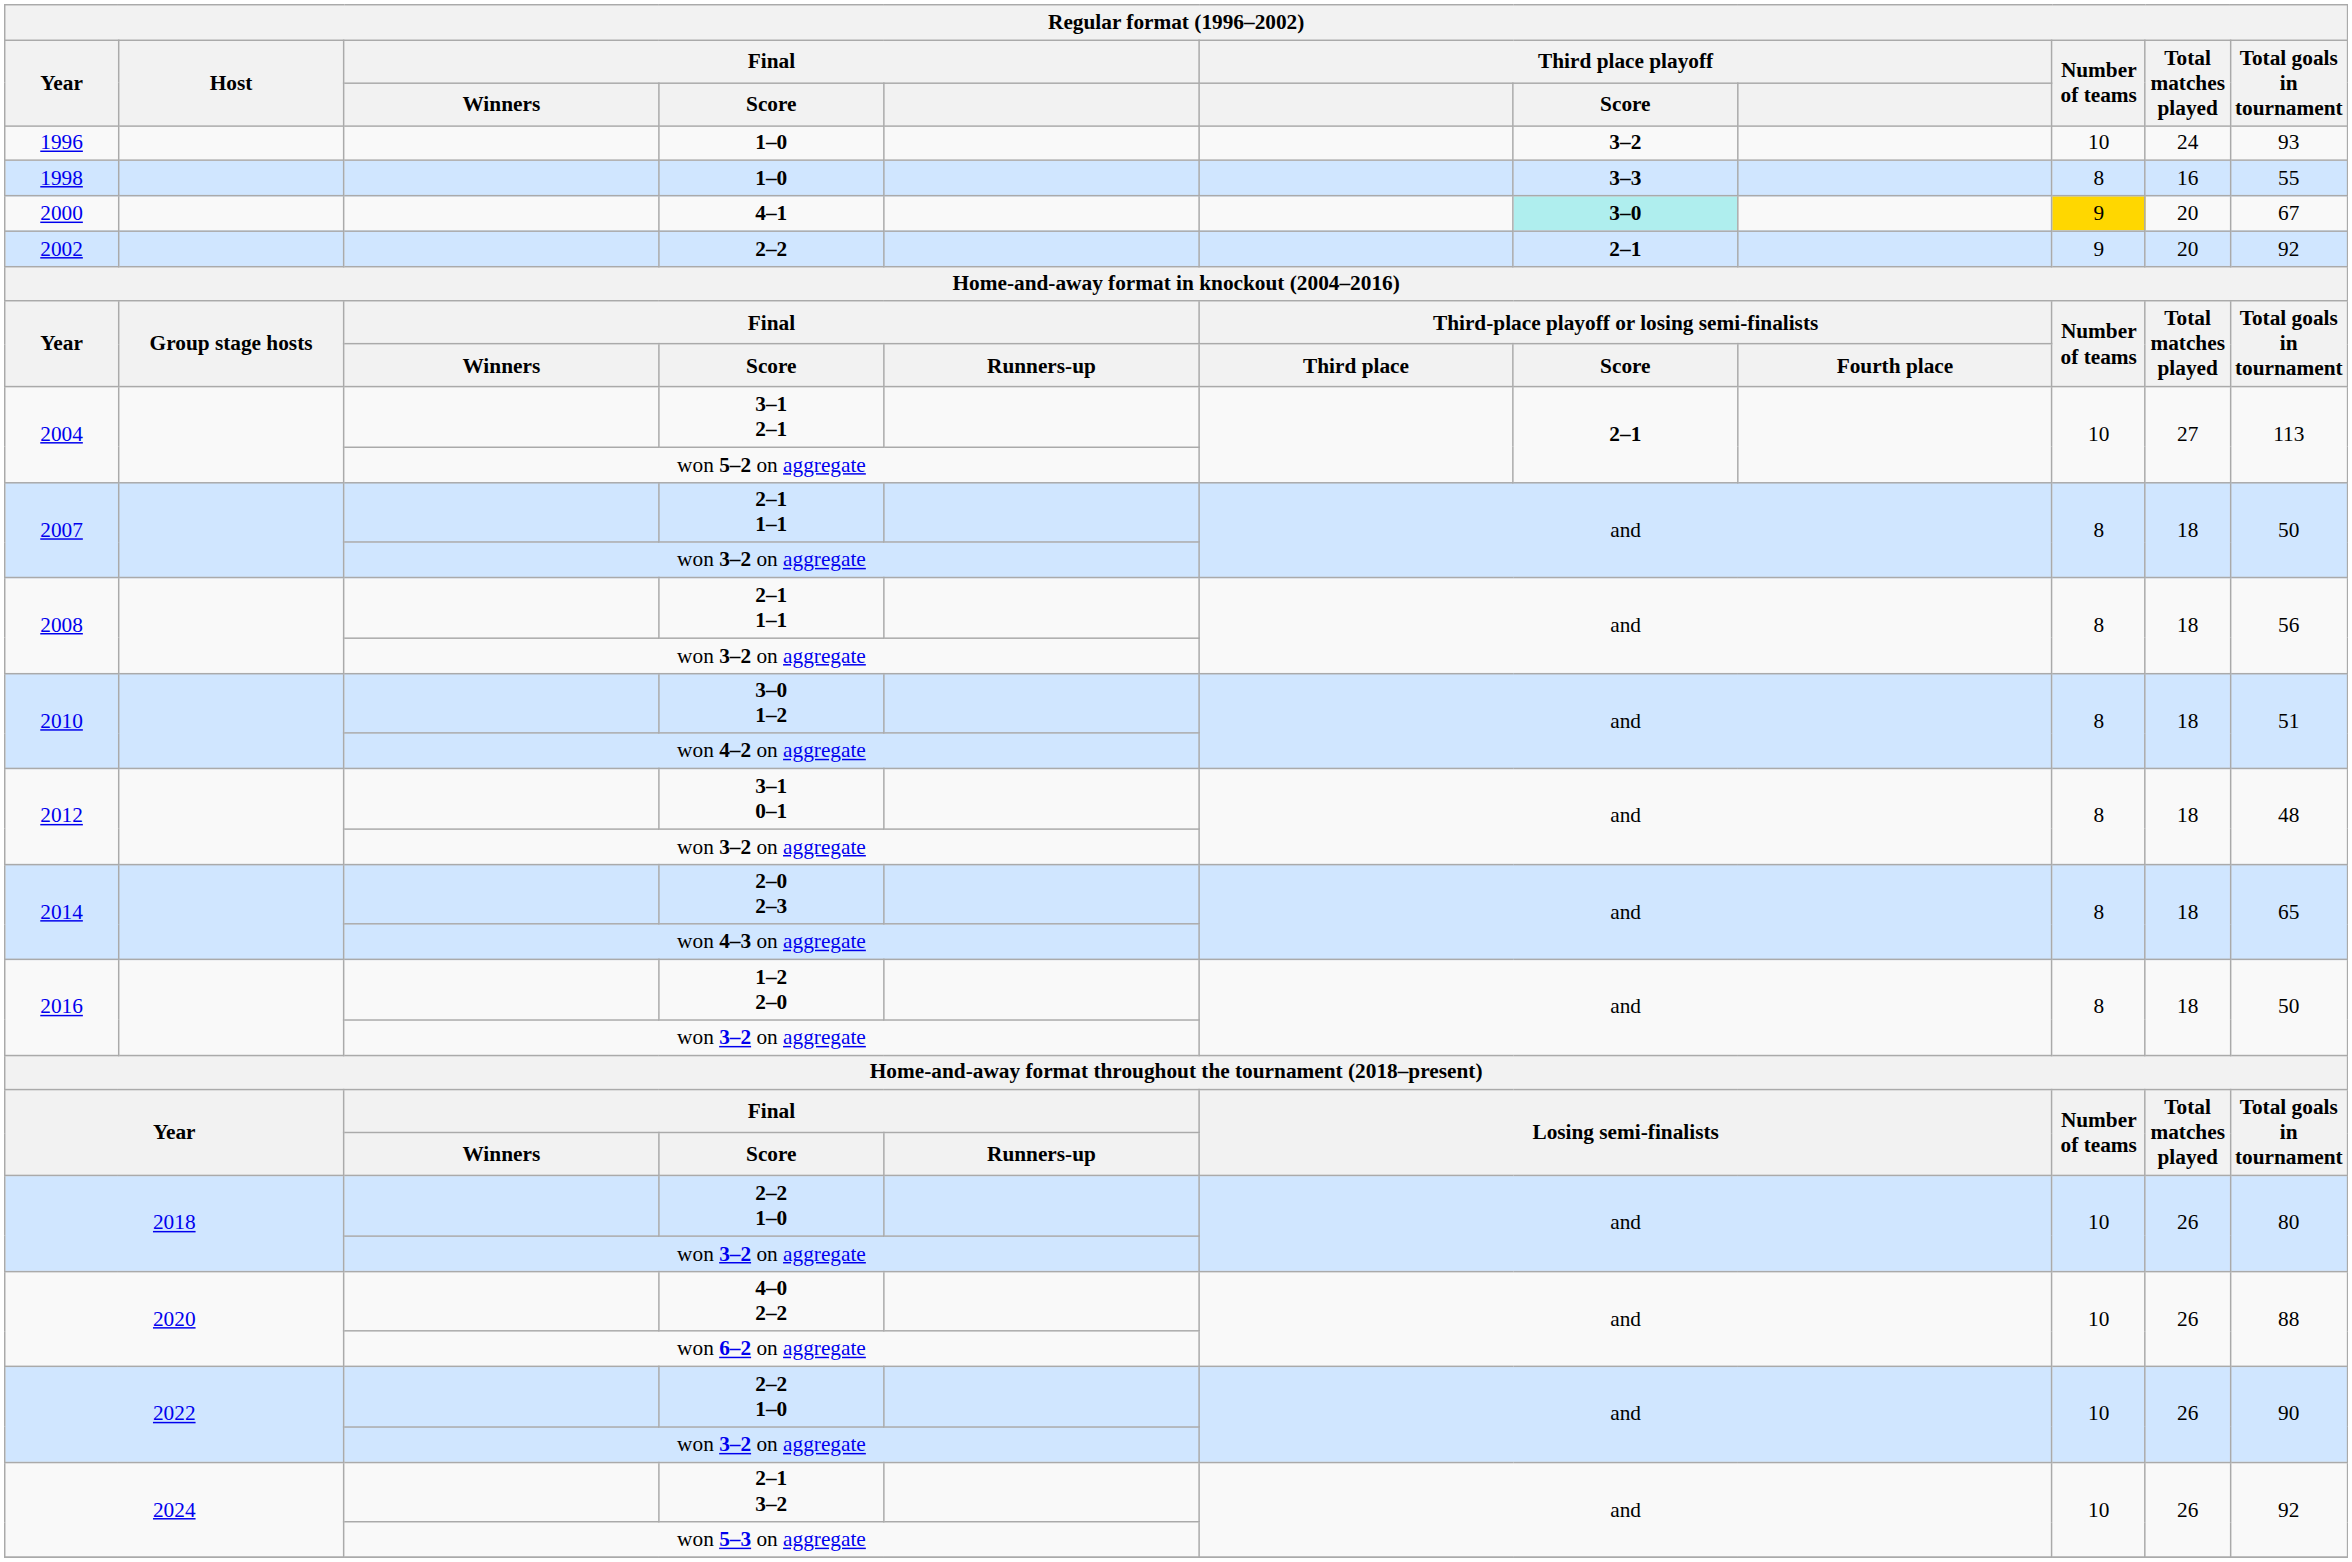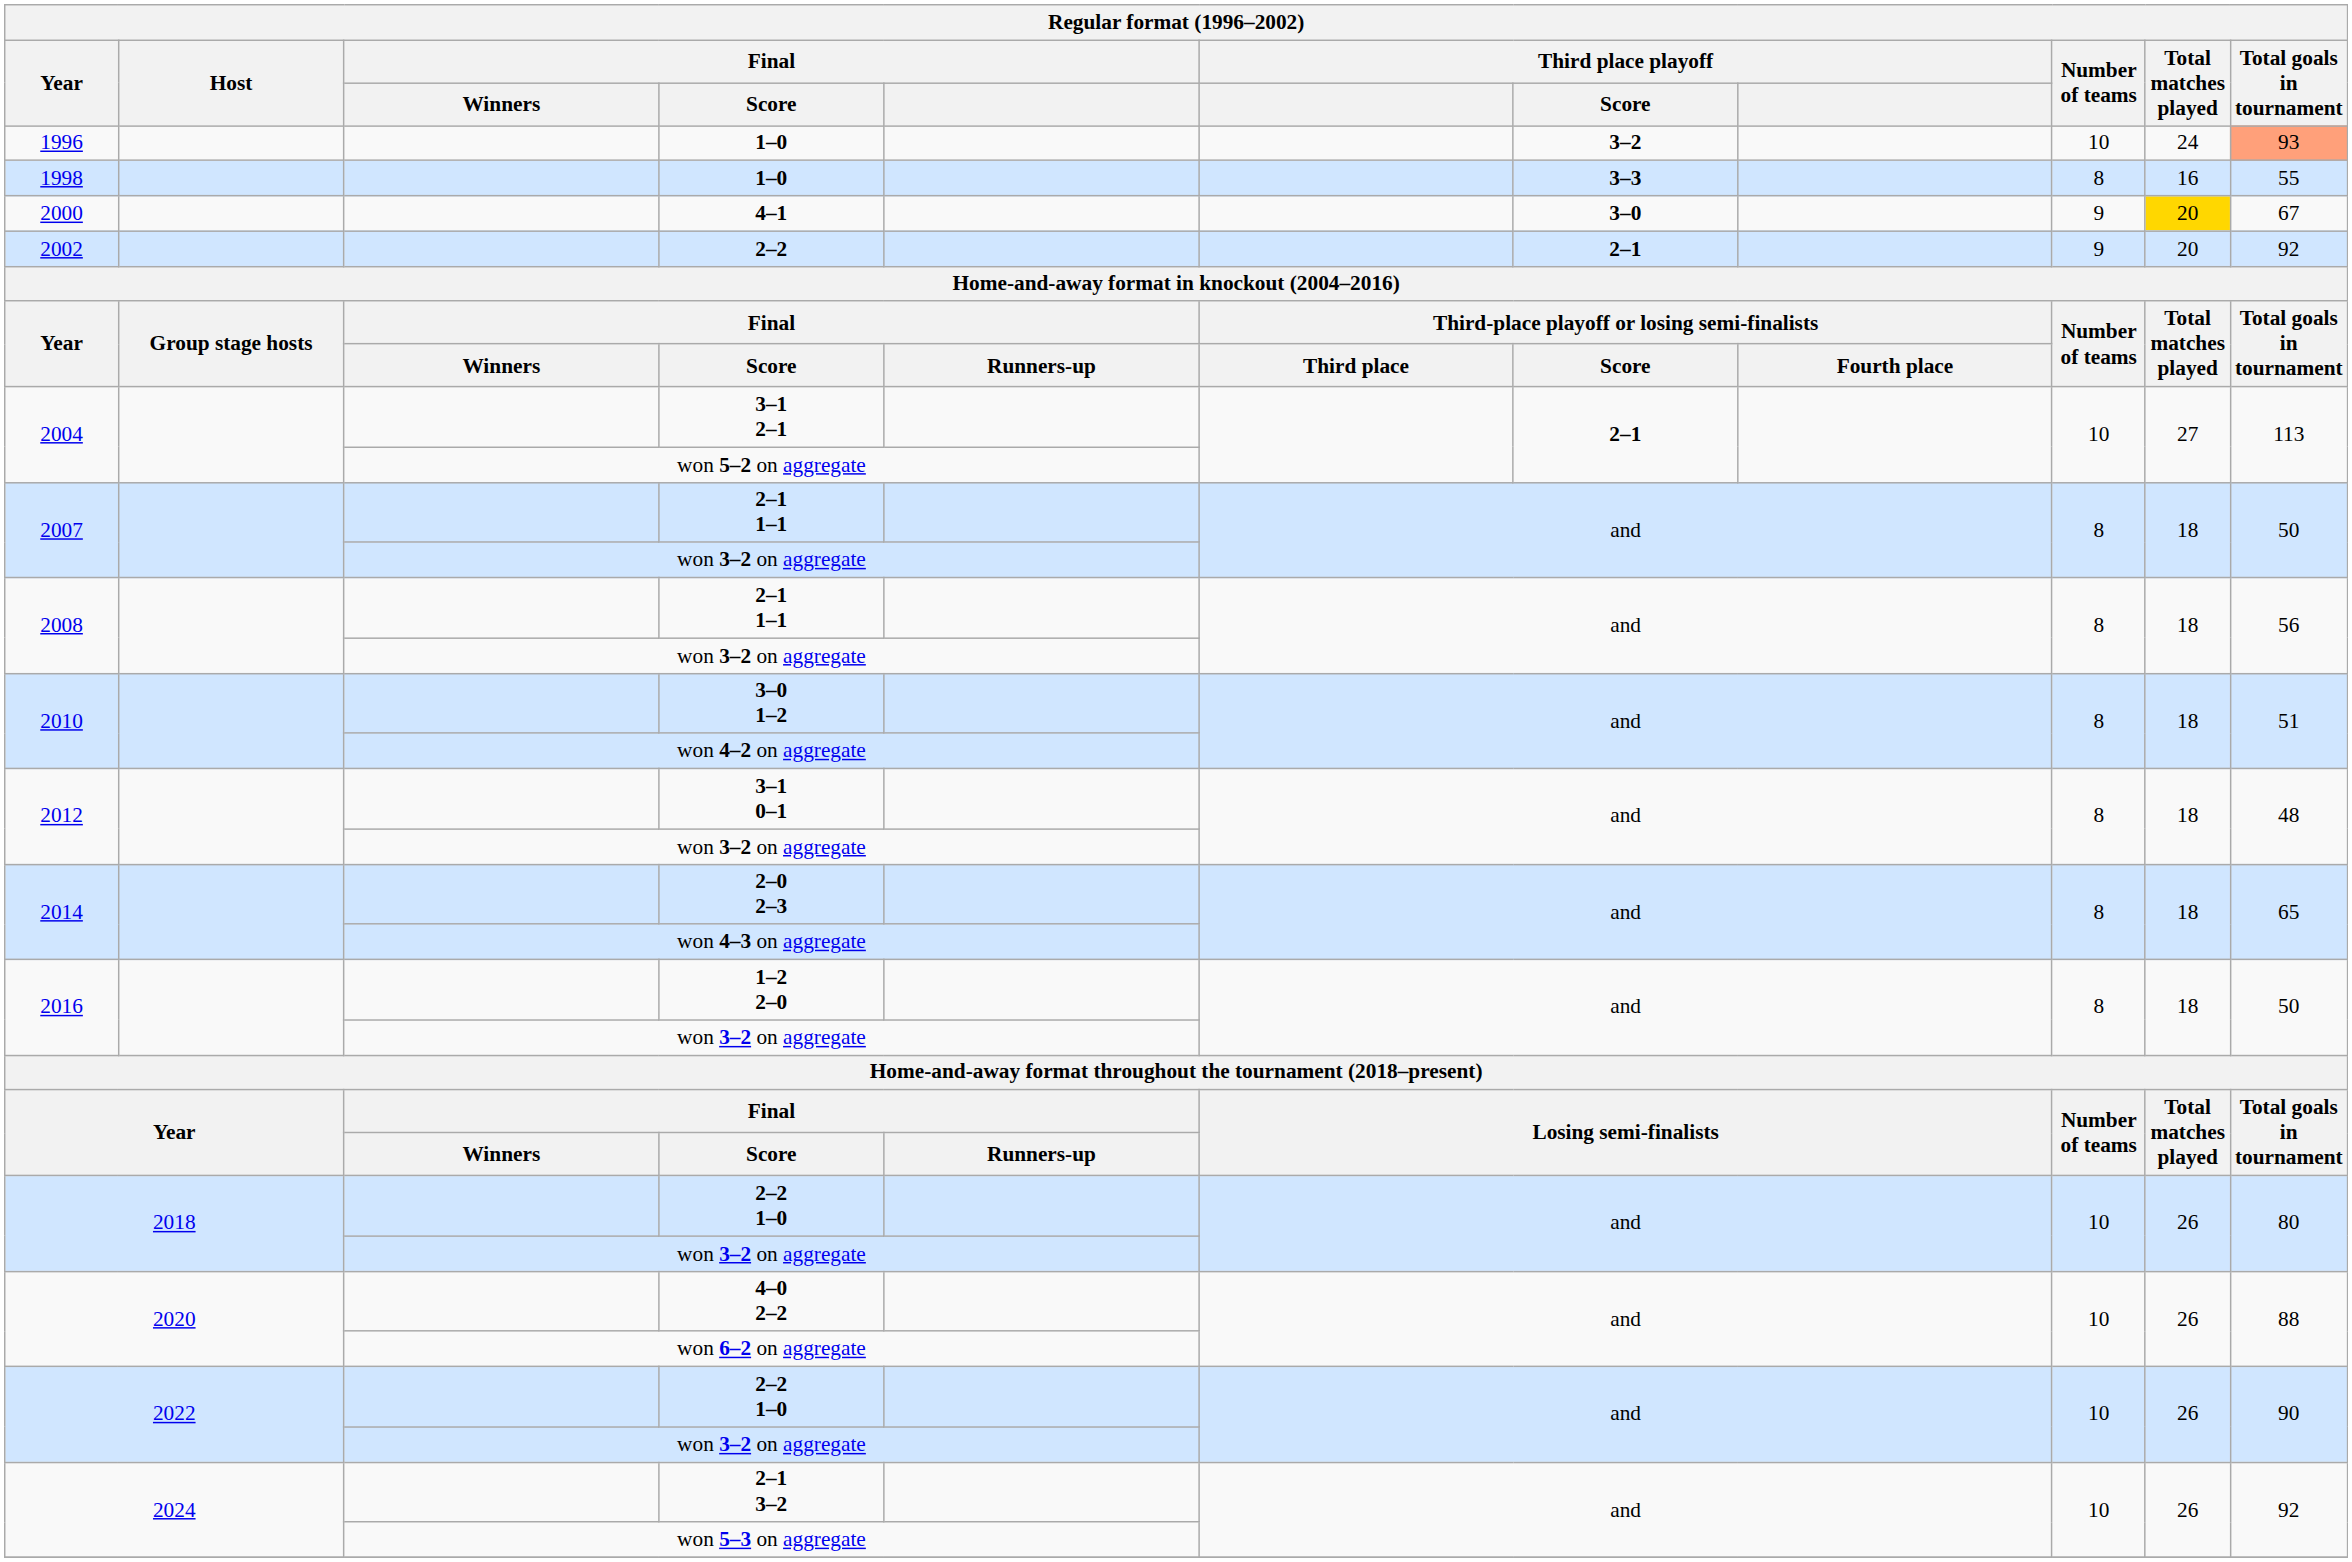 <table class="wikitable" style="font-size: 90%; text-align: center; width: 100%;">
 <tr>
 <th colspan="11">Regular format (1996–2002)</th>
 </tr>
 <tr>
 <th rowspan="2" width="5%">Year</th>
 <th rowspan="2" width="10%">Host</th>
 <th colspan="3">Final</th>
 <th colspan="3">Third place playoff</th>
 <th rowspan="2" width="4%">Number of teams</th>
 <th rowspan="2">Total matches played</th>
 <th rowspan="2">Total goals in tournament</th>
 </tr>
 <tr>
 <th width="14%">Winners</th>
 <th width="10%">Score</th>
 <th width="14%"></th>
 <th width="14%"></th>
 <th width="10%">Score</th>
 <th width="14%"></th>
 </tr>
 <tr>
 <td><a href='#'>1996</a></td>
 <td align="left"></td>
 <td><strong></strong></td>
 <td><strong>1–0</strong></td>
 <td></td>
 <td></td>
 <td><strong>3–2</strong></td>
 <td></td>
 <td>10</td>
 <td>24</td>
-<td>93</td>
+<td style="background: lightsalmon;">93</td>
 </tr>
 <tr style="background:#D0E6FF;">
 <td><a href='#'>1998</a></td>
 <td align="left"></td>
 <td><strong></strong></td>
 <td><strong>1–0</strong></td>
 <td></td>
 <td></td>
 <td><strong>3–3</strong> <br><strong></strong></td>
 <td></td>
 <td>8</td>
 <td>16</td>
 <td>55</td>
 </tr>
 <tr>
 <td><a href='#'>2000</a></td>
 <td align="left"></td>
 <td><strong></strong></td>
 <td><strong>4–1</strong></td>
 <td></td>
 <td></td>
-<td style="background: paleturquoise;"><strong>3–0</strong></td>
+<td><strong>3–0</strong></td>
 <td></td>
-<td style="background: gold;">9</td>
-<td>20</td>
+<td>9</td>
+<td style="background: gold;">20</td>
 <td>67</td>
 </tr>
 <tr style="background:#D0E6FF;">
 <td rowspan="1"><a href='#'>2002</a></td>
 <td rowspan="1" align="left"><br></td>
 <td><strong></strong></td>
 <td><strong>2–2</strong> <br><strong></strong></td>
 <td></td>
 <td></td>
 <td><strong>2–1</strong></td>
 <td></td>
 <td>9</td>
 <td>20</td>
 <td>92</td>
 </tr>
 <tr>
 <th colspan="11">Home-and-away format in knockout (2004–2016)</th>
 </tr>
 <tr>
 <th rowspan="2" width="5%">Year</th>
 <th rowspan="2" width="10%">Group stage hosts</th>
 <th colspan="3">Final</th>
 <th colspan="3">Third-place playoff or losing semi-finalists</th>
 <th rowspan="2" width="4%">Number of teams</th>
 <th rowspan="2">Total matches played</th>
 <th rowspan="2">Total goals in tournament</th>
 </tr>
 <tr>
 <th width="14%">Winners</th>
 <th width="10%">Score</th>
 <th width="14%">Runners-up</th>
 <th width="14%">Third place</th>
 <th width="10%">Score</th>
 <th width="14%">Fourth place</th>
 </tr>
 <tr>
 <td rowspan="2"><a href='#'>2004</a></td>
 <td rowspan="2" align="left"><br></td>
 <td><strong></strong></td>
 <td><strong>3–1</strong><br><strong>2–1</strong></td>
 <td></td>
 <td rowspan="2"></td>
 <td rowspan="2"><strong>2–1</strong></td>
 <td rowspan="2"></td>
 <td rowspan="2">10</td>
 <td rowspan="2">27</td>
 <td rowspan="2">113</td>
 </tr>
 <tr>
 <td colspan="3">won <strong>5–2</strong> on <a href='#'>aggregate</a></td>
 </tr>
 <tr style="background:#D0E6FF;">
 <td rowspan="2"><a href='#'>2007</a></td>
 <td rowspan="2" align="left"><br></td>
 <td><strong></strong></td>
 <td><strong>2–1</strong><br><strong>1–1</strong></td>
 <td></td>
 <td colspan="3" rowspan="2"> and </td>
 <td rowspan="2">8</td>
 <td rowspan="2">18</td>
 <td rowspan="2">50</td>
 </tr>
 <tr style="background:#D0E6FF;">
 <td colspan="3">won <strong>3–2</strong> on <a href='#'>aggregate</a></td>
 </tr>
 <tr>
 <td rowspan="2"><a href='#'>2008</a></td>
 <td rowspan="2" align="left"><br></td>
 <td><strong></strong></td>
 <td><strong>2–1</strong><br><strong>1–1</strong></td>
 <td></td>
 <td colspan="3" rowspan="2"> and </td>
 <td rowspan="2">8</td>
 <td rowspan="2">18</td>
 <td rowspan="2">56</td>
 </tr>
 <tr>
 <td colspan="3">won <strong>3–2</strong> on <a href='#'>aggregate</a></td>
 </tr>
 <tr style="background:#D0E6FF;">
 <td rowspan="2"><a href='#'>2010</a></td>
 <td rowspan="2" align="left"><br></td>
 <td><strong></strong></td>
 <td><strong>3–0</strong><br><strong>1–2</strong></td>
 <td></td>
 <td colspan="3" rowspan="2"> and </td>
 <td rowspan="2">8</td>
 <td rowspan="2">18</td>
 <td rowspan="2">51</td>
 </tr>
 <tr style="background:#D0E6FF;">
 <td colspan="3">won <strong>4–2</strong> on <a href='#'>aggregate</a></td>
 </tr>
 <tr>
 <td rowspan="2"><a href='#'>2012</a></td>
 <td rowspan="2" align="left"><br></td>
 <td><strong></strong></td>
 <td><strong>3–1</strong><br><strong>0–1</strong></td>
 <td></td>
 <td colspan="3" rowspan="2"> and </td>
 <td rowspan="2">8</td>
 <td rowspan="2">18</td>
 <td rowspan="2">48</td>
 </tr>
 <tr>
 <td colspan="3">won <strong>3–2</strong> on <a href='#'>aggregate</a></td>
 </tr>
 <tr style="background:#D0E6FF;">
 <td rowspan="2"><a href='#'>2014</a></td>
 <td rowspan="2" align="left"><br></td>
 <td><strong></strong></td>
 <td><strong>2–0</strong><br><strong>2–3</strong></td>
 <td></td>
 <td colspan="3" rowspan="2"> and </td>
 <td rowspan="2">8</td>
 <td rowspan="2">18</td>
 <td rowspan="2">65</td>
 </tr>
 <tr style="background:#D0E6FF;">
 <td colspan="3">won <strong>4–3</strong> on <a href='#'>aggregate</a></td>
 </tr>
 <tr>
 <td rowspan="2"><a href='#'>2016</a></td>
 <td rowspan="2" align="left"><br></td>
 <td><strong></strong></td>
 <td><strong>1–2<br>2–0</strong></td>
 <td></td>
 <td colspan="3" rowspan="2"> and </td>
 <td rowspan="2">8</td>
 <td rowspan="2">18</td>
 <td rowspan="2">50</td>
 </tr>
 <tr>
 <td colspan="3">won <strong><a href='#'>3–2</a></strong> on <a href='#'>aggregate</a></td>
 </tr>
 <tr>
 <th colspan="11">Home-and-away format throughout the tournament (2018–present)</th>
 </tr>
 <tr>
 <th colspan="2" rowspan="2">Year</th>
 <th colspan="3">Final</th>
 <th colspan="3" rowspan="2">Losing semi-finalists</th>
 <th rowspan="2">Number of teams</th>
 <th rowspan="2">Total matches played</th>
 <th rowspan="2">Total goals in tournament</th>
 </tr>
 <tr>
 <th>Winners</th>
 <th>Score</th>
 <th>Runners-up</th>
 </tr>
 <tr style="background:#D0E6FF;">
 <td colspan="2" rowspan="2"><a href='#'>2018</a></td>
 <td><strong></strong></td>
 <td><strong>2–2</strong><br><strong>1–0</strong></td>
 <td></td>
 <td colspan="3" rowspan="2"> and </td>
 <td rowspan="2">10</td>
 <td rowspan="2">26</td>
 <td rowspan="2">80</td>
 </tr>
 <tr style="background:#D0E6FF;">
 <td colspan="3">won <strong><a href='#'>3–2</a></strong> on <a href='#'>aggregate</a></td>
 </tr>
 <tr>
 <td colspan="2" rowspan="2"><a href='#'>2020</a></td>
 <td><strong></strong></td>
 <td><strong>4–0</strong><br><strong>2–2</strong></td>
 <td></td>
 <td colspan="3" rowspan="2"> and </td>
 <td rowspan="2">10</td>
 <td rowspan="2">26</td>
 <td rowspan="2">88</td>
 </tr>
 <tr>
 <td colspan="3">won <strong><a href='#'>6–2</a></strong> on <a href='#'>aggregate</a></td>
 </tr>
 <tr style="background:#D0E6FF;">
 <td colspan="2" rowspan="2"><a href='#'>2022</a></td>
 <td><strong></strong></td>
 <td><strong>2–2</strong><br><strong>1–0</strong></td>
 <td></td>
 <td colspan="3" rowspan="2"> and </td>
 <td rowspan="2">10</td>
 <td rowspan="2">26</td>
 <td rowspan="2">90</td>
 </tr>
 <tr style="background:#D0E6FF;">
 <td colspan="3">won <strong><a href='#'>3–2</a></strong> on <a href='#'>aggregate</a></td>
 </tr>
 <tr>
 <td colspan="2" rowspan="2"><a href='#'>2024</a></td>
 <td><strong></strong></td>
 <td><strong>2–1</strong><br><strong>3–2</strong></td>
 <td></td>
 <td colspan="3" rowspan="2"> and </td>
 <td rowspan="2">10</td>
 <td rowspan="2">26</td>
 <td rowspan="2">92</td>
 </tr>
 <tr>
 <td colspan="3">won <strong><a href='#'>5–3</a></strong> on <a href='#'>aggregate</a></td>
 </tr>
 <tr>
 </tr>
 </table>
